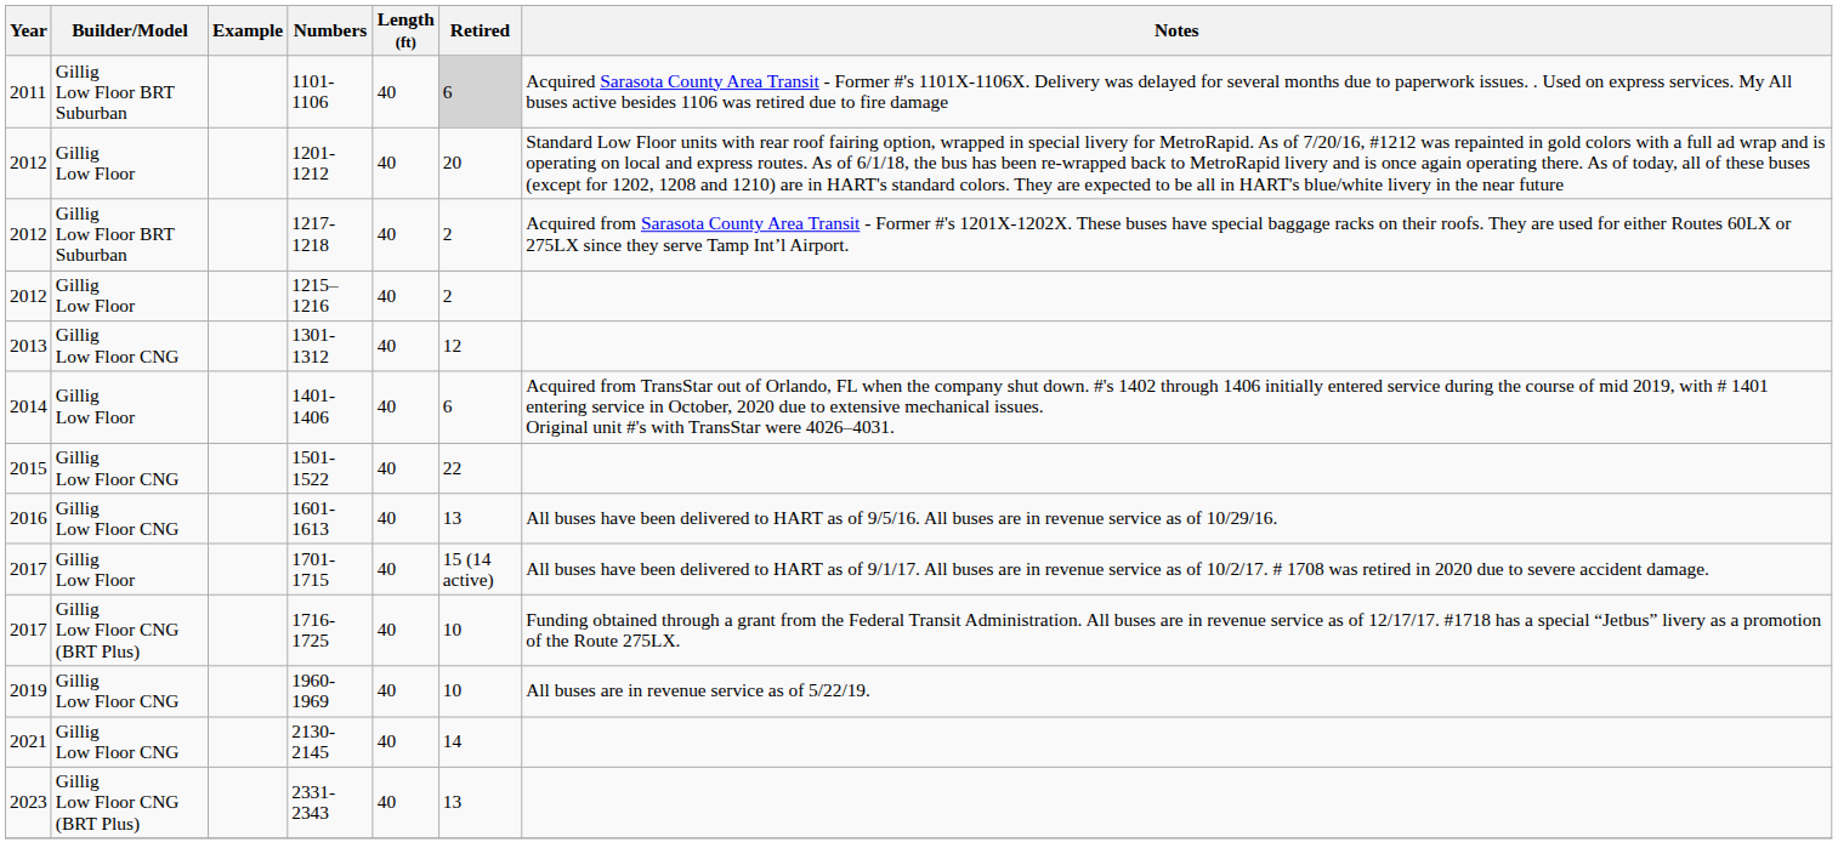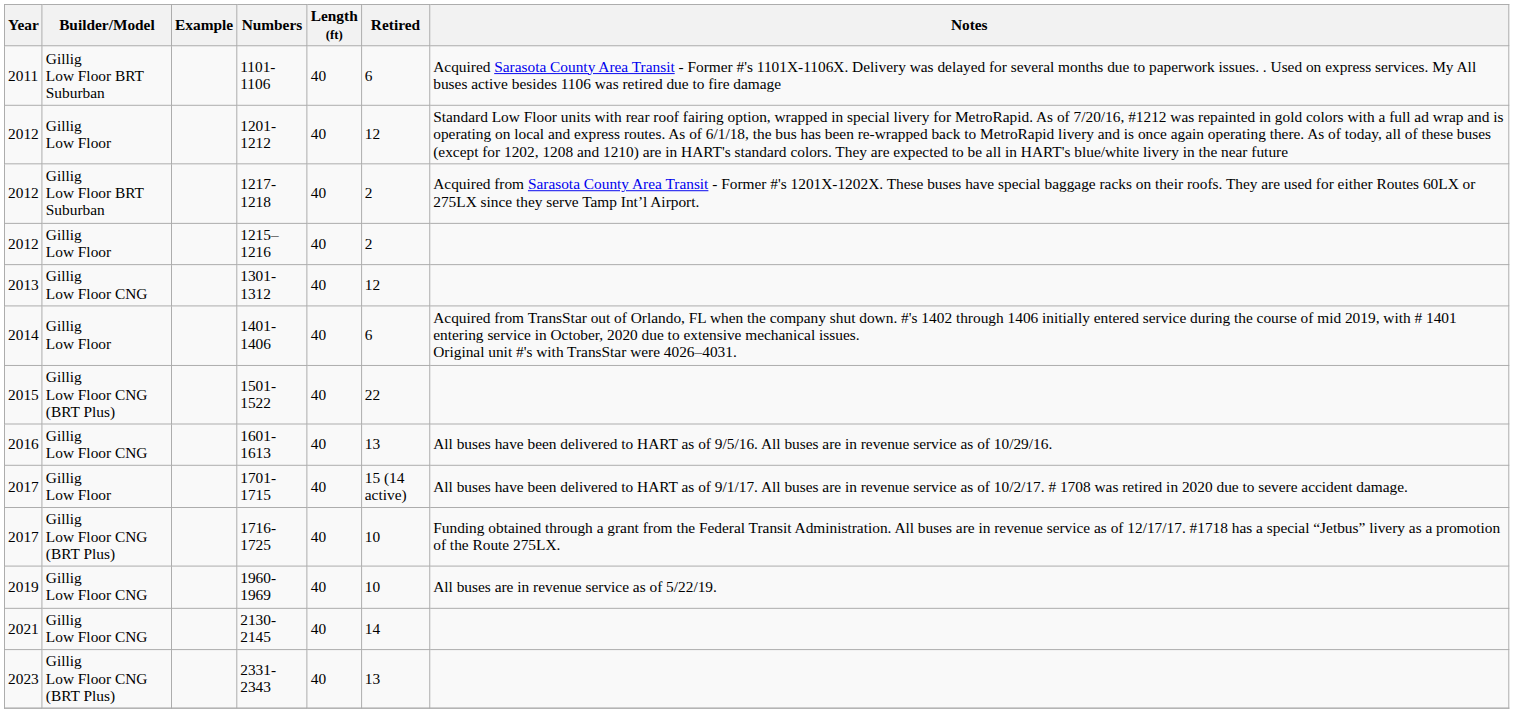 <table class="sortable wikitable">
 <tr>
 <th><strong>Year</strong></th>
 <th><strong>Builder/Model</strong></th>
 <th><strong>Example</strong></th>
 <th><strong>Numbers</strong></th>
 <th><strong>Length<br><small>(ft)</small></strong></th>
 <th><strong>Retired</strong></th>
 <th><strong>Notes</strong></th>
 </tr>
 <tr>
 <td>2011</td>
 <td>Gillig<br>Low Floor BRT Suburban</td>
 <td></td>
 <td>1101-1106</td>
 <td>40</td>
-<td style="background: lightgrey;">6</td>
+<td>6</td>
 <td>Acquired <a href='#'>Sarasota County Area Transit</a> - Former #'s 1101X-1106X. Delivery was delayed for several months due to paperwork issues. . Used on express services. My All buses active besides 1106 was retired due to fire damage</td>
 </tr>
 <tr>
 <td>2012</td>
 <td>Gillig<br>Low Floor</td>
 <td></td>
 <td>1201-1212</td>
 <td>40</td>
-<td>20</td>
+<td>12</td>
 <td>Standard Low Floor units with rear roof fairing option, wrapped in special livery for MetroRapid. As of 7/20/16, #1212 was repainted in gold colors with a full ad wrap and is operating on local and express routes. As of 6/1/18, the bus has been re-wrapped back to MetroRapid livery and is once again operating there. As of today, all of these buses (except for 1202, 1208 and 1210) are in HART's standard colors. They are expected to be all in HART's blue/white livery in the near future</td>
 </tr>
 <tr>
 <td>2012</td>
 <td>Gillig<br>Low Floor BRT Suburban</td>
 <td></td>
 <td>1217-1218</td>
 <td>40</td>
 <td>2</td>
 <td>Acquired from <a href='#'>Sarasota County Area Transit</a> - Former #'s 1201X-1202X. These buses have special baggage racks on their roofs. They are used for either Routes 60LX or 275LX since they serve Tamp Int’l Airport. </td>
 </tr>
 <tr>
 <td>2012</td>
 <td>Gillig<br>Low Floor</td>
 <td></td>
 <td>1215–1216</td>
 <td>40</td>
 <td>2</td>
 <td></td>
 </tr>
 <tr>
 <td>2013</td>
 <td>Gillig<br>Low Floor CNG</td>
 <td></td>
 <td>1301-1312</td>
 <td>40</td>
 <td>12</td>
 <td></td>
 </tr>
 <tr>
 <td>2014</td>
 <td>Gillig<br>Low Floor</td>
 <td></td>
 <td>1401-1406</td>
 <td>40</td>
 <td>6</td>
 <td>Acquired from TransStar out of Orlando, FL when the company shut down. #'s 1402 through 1406 initially entered service during the course of mid 2019, with # 1401 entering service in October, 2020 due to extensive mechanical issues.<br>Original unit #'s with TransStar were 4026–4031.</td>
 </tr>
 <tr>
 <td>2015</td>
-<td>Gillig<br>Low Floor CNG</td>
+<td>Gillig<br>Low Floor CNG (BRT Plus)</td>
 <td></td>
 <td>1501-1522</td>
 <td>40</td>
 <td>22</td>
 <td></td>
 </tr>
 <tr>
 <td>2016</td>
 <td>Gillig<br>Low Floor CNG</td>
 <td></td>
 <td>1601-1613</td>
 <td>40</td>
 <td>13</td>
 <td>All buses have been delivered to HART as of 9/5/16. All buses are in revenue service as of 10/29/16.</td>
 </tr>
 <tr>
 <td>2017</td>
 <td>Gillig<br>Low Floor</td>
 <td></td>
 <td>1701-1715</td>
 <td>40</td>
 <td>15 (14 active)</td>
 <td>All buses have been delivered to HART as of 9/1/17. All buses are in revenue service as of 10/2/17. # 1708 was retired in 2020 due to severe accident damage.</td>
 </tr>
 <tr>
 <td>2017</td>
 <td>Gillig<br>Low Floor CNG (BRT Plus)</td>
 <td></td>
 <td>1716-1725</td>
 <td>40</td>
 <td>10</td>
 <td>Funding obtained through a grant from the Federal Transit Administration. All buses are in revenue service as of 12/17/17. #1718 has a special “Jetbus” livery as a promotion of the Route 275LX.</td>
 </tr>
 <tr>
 <td>2019</td>
 <td>Gillig<br>Low Floor CNG</td>
 <td></td>
 <td>1960-1969</td>
 <td>40</td>
 <td>10</td>
 <td>All buses are in revenue service as of 5/22/19.</td>
 </tr>
 <tr>
 <td>2021</td>
 <td>Gillig<br>Low Floor CNG</td>
 <td></td>
 <td>2130-2145</td>
 <td>40</td>
 <td>14</td>
 <td></td>
 </tr>
 <tr>
 <td>2023</td>
 <td>Gillig<br>Low Floor CNG (BRT Plus)</td>
 <td></td>
 <td>2331-2343</td>
 <td>40</td>
 <td>13</td>
 <td></td>
 </tr>
 <tr>
 </tr>
 </table>
